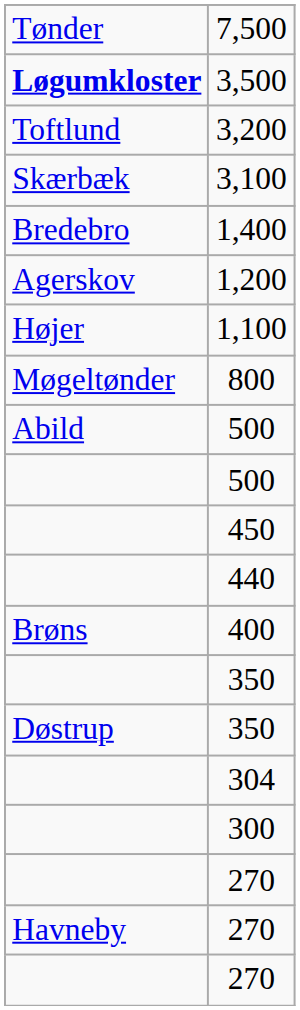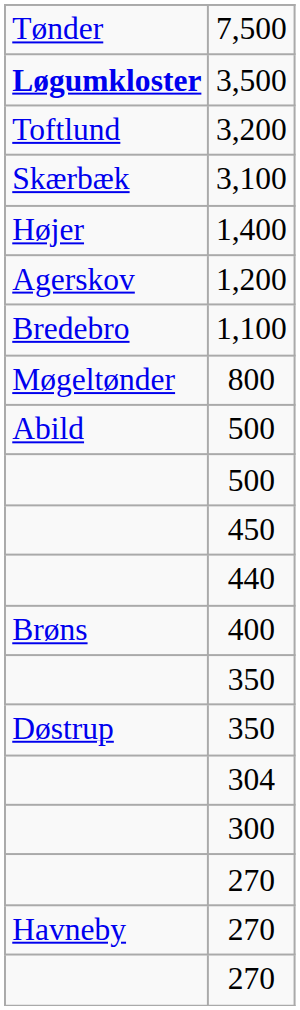 <table class="wikitable" style="margin-right:1em">
 <tr>
 <td><a href='#'>Tønder</a></td>
 <td align="center">7,500</td>
 </tr>
 <tr>
 <td><strong><a href='#'>Løgumkloster</a></strong></td>
 <td align="center">3,500</td>
 </tr>
 <tr>
 <td><a href='#'>Toftlund</a></td>
 <td align="center">3,200</td>
 </tr>
 <tr>
 <td><a href='#'>Skærbæk</a></td>
 <td align="center">3,100</td>
 </tr>
 <tr>
-<td><a href='#'>Bredebro</a></td>
+<td><a href='#'>Højer</a></td>
 <td align="center">1,400</td>
 </tr>
 <tr>
 <td><a href='#'>Agerskov</a></td>
 <td align="center">1,200</td>
 </tr>
 <tr>
-<td><a href='#'>Højer</a></td>
+<td><a href='#'>Bredebro</a></td>
 <td align="center">1,100</td>
 </tr>
 <tr>
 <td><a href='#'>Møgeltønder</a></td>
 <td align="center">800</td>
 </tr>
 <tr>
 <td><a href='#'>Abild</a></td>
 <td align="center">500</td>
 </tr>
 <tr>
 <td></td>
 <td align="center">500</td>
 </tr>
 <tr>
 <td></td>
 <td align="center">450</td>
 </tr>
 <tr>
 <td></td>
 <td align="center">440</td>
 </tr>
 <tr>
 <td><a href='#'>Brøns</a></td>
 <td align="center">400</td>
 </tr>
 <tr>
 <td></td>
 <td align="center">350</td>
 </tr>
 <tr>
 <td><a href='#'>Døstrup</a></td>
 <td align="center">350</td>
 </tr>
 <tr>
 <td></td>
 <td align="center">304</td>
 </tr>
 <tr>
 <td></td>
 <td align="center">300</td>
 </tr>
 <tr>
 <td></td>
 <td align="center">270</td>
 </tr>
 <tr>
 <td><a href='#'>Havneby</a></td>
 <td align="center">270</td>
 </tr>
 <tr>
 <td></td>
 <td align="center">270</td>
 </tr>
 </table>
